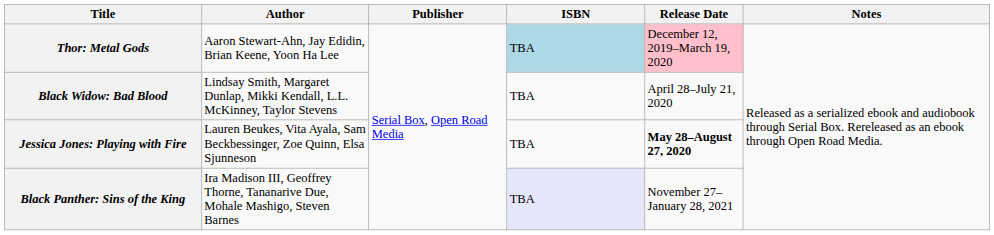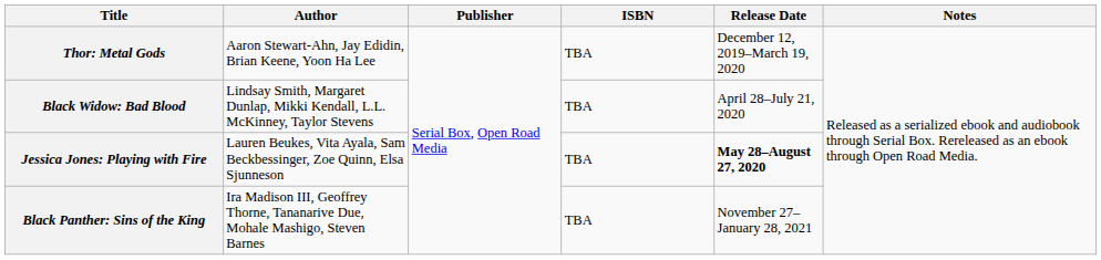 <table class="wikitable" width="100%">
 <tr>
 <th width="20%">Title</th>
 <th width="17%">Author</th>
 <th>Publisher</th>
 <th width="14%">ISBN</th>
 <th width="10%">Release Date</th>
 <th width="25%">Notes</th>
 </tr>
 <tr>
 <th><em>Thor: Metal Gods</em></th>
 <td>Aaron Stewart-Ahn, Jay Edidin, Brian Keene, Yoon Ha Lee</td>
 <td rowspan="4"><a href='#'>Serial Box</a>, <a href='#'>Open Road Media</a></td>
-<td style="background: lightblue;">TBA</td>
-<td style="background: pink;">December 12, 2019–March 19, 2020</td>
+<td>TBA</td>
+<td>December 12, 2019–March 19, 2020</td>
 <td rowspan="4">Released as a serialized ebook and audiobook through Serial Box. Rereleased as an ebook through Open Road Media.</td>
 </tr>
 <tr>
 <th><em>Black Widow: Bad Blood</em></th>
 <td>Lindsay Smith, Margaret Dunlap, Mikki Kendall, L.L. McKinney, Taylor Stevens</td>
 <td>TBA</td>
 <td>April 28–July 21, 2020</td>
 </tr>
 <tr>
 <th><em>Jessica Jones: Playing with Fire</em></th>
 <td>Lauren Beukes, Vita Ayala, Sam Beckbessinger, Zoe Quinn, Elsa Sjunneson</td>
 <td>TBA</td>
 <td><strong>May 28–August 27, 2020</strong></td>
 </tr>
 <tr>
 <th><em>Black Panther: Sins of the King</em></th>
 <td>Ira Madison III, Geoffrey Thorne, Tananarive Due, Mohale Mashigo, Steven Barnes</td>
-<td style="background: lavender;">TBA</td>
+<td>TBA</td>
 <td>November 27–January 28, 2021</td>
 </tr>
 </table>
